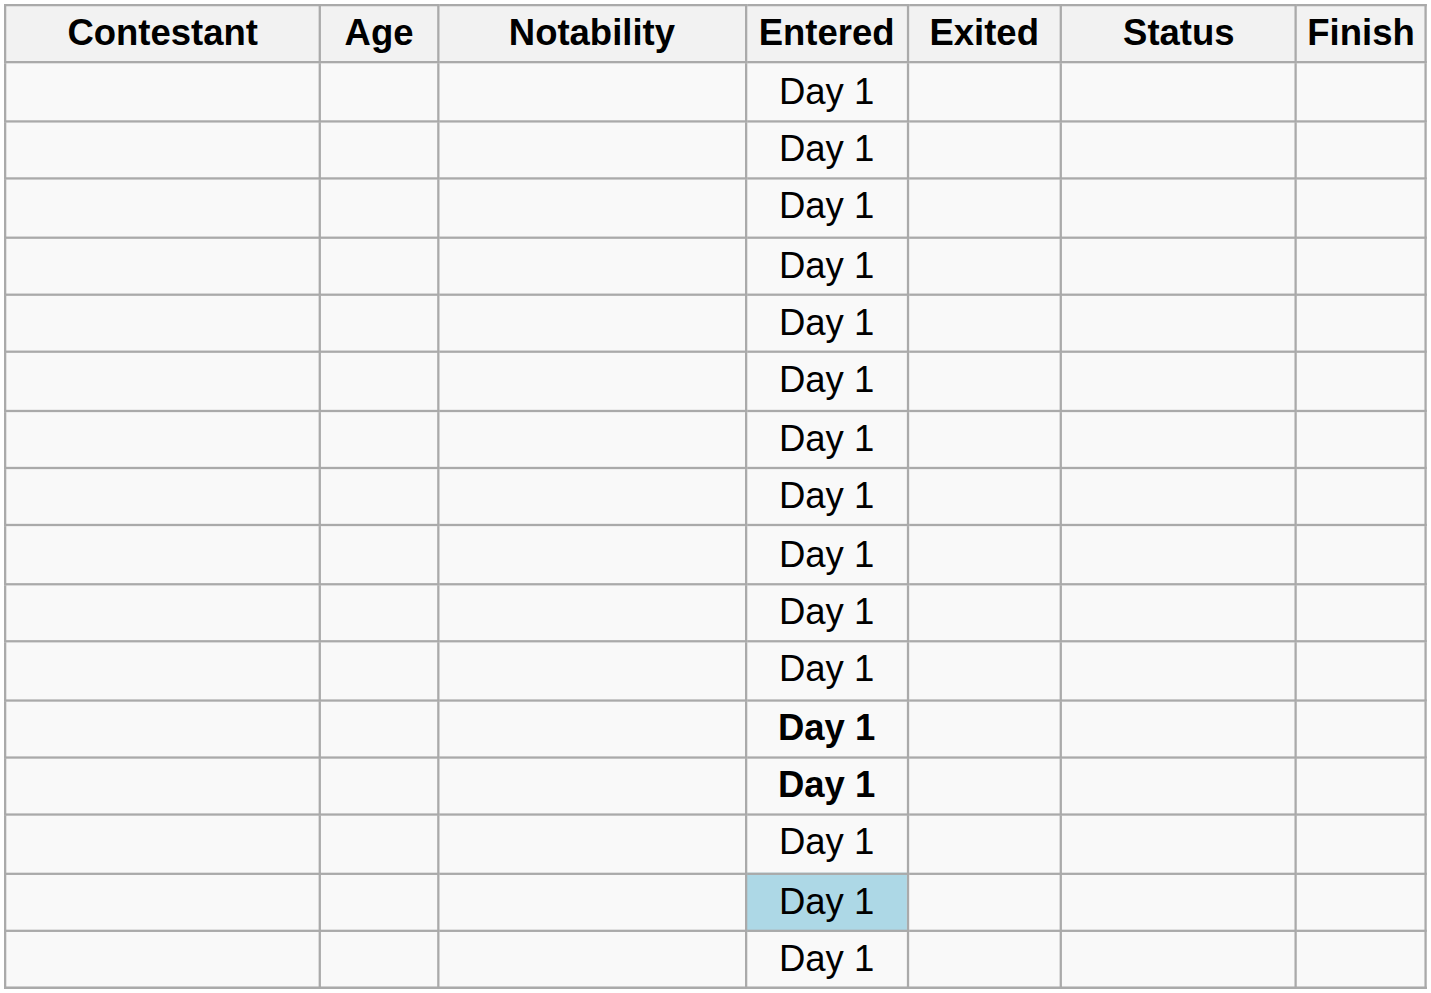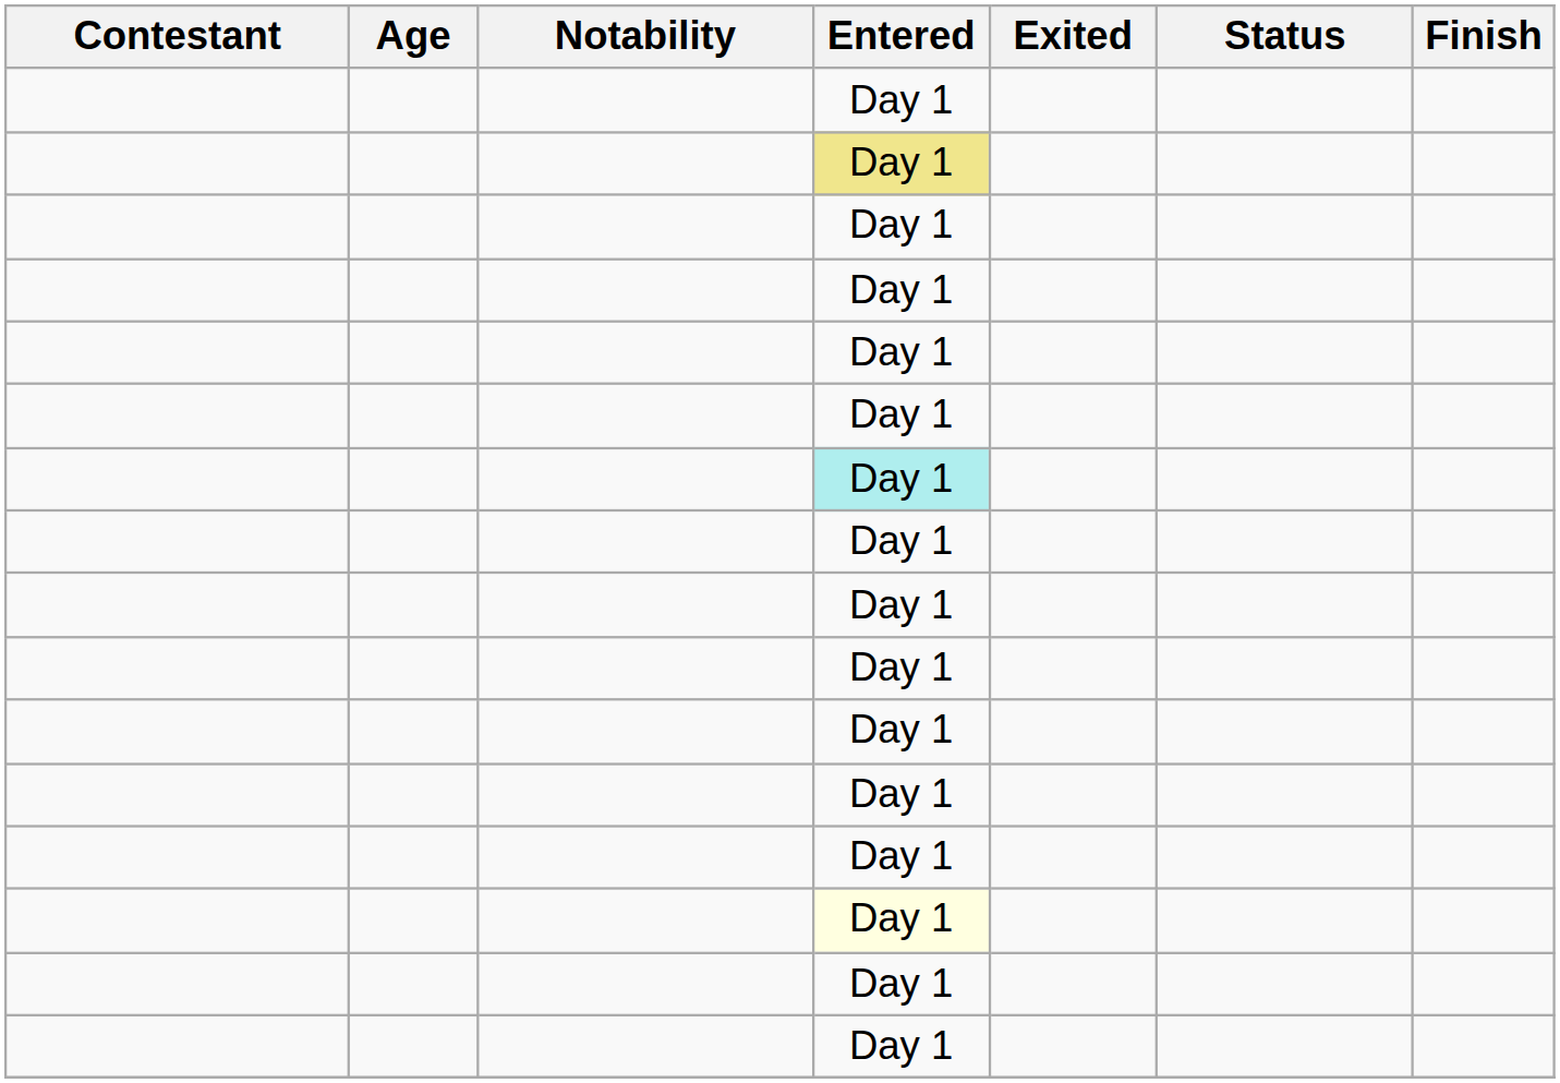 <table class= "wikitable sortable" style="text-align: center; margin:auto; align: center">
 <tr>
 <th width=150>Contestant</th>
 <th width=050>Age</th>
 <th width=150>Notability</th>
 <th width=065>Entered</th>
 <th width=065>Exited</th>
 <th width=115>Status</th>
 <th width=050>Finish</th>
 </tr>
 <tr>
 <td></td>
 <td></td>
 <td></td>
 <td>Day 1</td>
+<td></td>
+<td></td>
+<td></td>
+</tr>
+<tr>
+<td></td>
+<td></td>
+<td></td>
+<td style="background: khaki;">Day 1</td>
+<td></td>
+<td></td>
+<td></td>
+</tr>
+<tr>
+<td></td>
+<td></td>
+<td></td>
+<td>Day 1</td>
+<td></td>
+<td></td>
+<td></td>
+</tr>
+<tr>
+<td></td>
+<td></td>
+<td></td>
+<td>Day 1</td>
+<td></td>
+<td></td>
+<td></td>
+</tr>
+<tr>
+<td></td>
+<td></td>
+<td></td>
+<td>Day 1</td>
+<td></td>
+<td></td>
+<td></td>
+</tr>
+<tr>
+<td></td>
+<td></td>
+<td></td>
+<td>Day 1</td>
+<td></td>
+<td></td>
+<td></td>
+</tr>
+<tr>
+<td></td>
+<td></td>
+<td></td>
+<td style="background: paleturquoise;">Day 1</td>
 <td></td>
 <td></td>
 <td></td>
 </tr>
 <tr>
 <td></td>
 <td></td>
 <td></td>
 <td>Day 1</td>
 <td></td>
 <td></td>
 <td></td>
 </tr>
 <tr>
 <td></td>
 <td></td>
 <td></td>
 <td>Day 1</td>
 <td></td>
 <td></td>
 <td></td>
 </tr>
 <tr>
 <td></td>
 <td></td>
 <td></td>
 <td>Day 1</td>
 <td></td>
 <td></td>
 <td></td>
 </tr>
 <tr>
 <td></td>
 <td></td>
 <td></td>
 <td>Day 1</td>
 <td></td>
 <td></td>
 <td></td>
 </tr>
 <tr>
 <td></td>
 <td></td>
 <td></td>
 <td>Day 1</td>
 <td></td>
 <td></td>
 <td></td>
 </tr>
 <tr>
 <td></td>
 <td></td>
 <td></td>
 <td>Day 1</td>
 <td></td>
 <td></td>
 <td></td>
 </tr>
 <tr>
 <td></td>
 <td></td>
 <td></td>
-<td>Day 1</td>
+<td style="background: lightyellow;">Day 1</td>
 <td></td>
 <td></td>
 <td></td>
 </tr>
 <tr>
 <td></td>
 <td></td>
 <td></td>
 <td>Day 1</td>
 <td></td>
 <td></td>
 <td></td>
 </tr>
 <tr>
 <td></td>
 <td></td>
 <td></td>
 <td>Day 1</td>
 <td></td>
 <td></td>
 <td></td>
 </tr>
 <tr>
-<td></td>
-<td></td>
-<td></td>
-<td>Day 1</td>
-<td></td>
-<td></td>
-<td></td>
-</tr>
-<tr>
-<td></td>
-<td></td>
-<td></td>
-<td><strong>Day 1</strong></td>
-<td></td>
-<td></td>
-<td></td>
-</tr>
-<tr>
-<td></td>
-<td></td>
-<td></td>
-<td><strong>Day 1</strong></td>
-<td></td>
-<td></td>
-<td></td>
-</tr>
-<tr>
-<td></td>
-<td></td>
-<td></td>
-<td>Day 1</td>
-<td></td>
-<td></td>
-<td></td>
-</tr>
-<tr>
-<td></td>
-<td></td>
-<td></td>
-<td style="background: lightblue;">Day 1</td>
-<td></td>
-<td></td>
-<td></td>
-</tr>
-<tr>
-<td></td>
-<td></td>
-<td></td>
-<td>Day 1</td>
-<td></td>
-<td></td>
-<td></td>
-</tr>
-<tr>
 </tr>
 </table>
